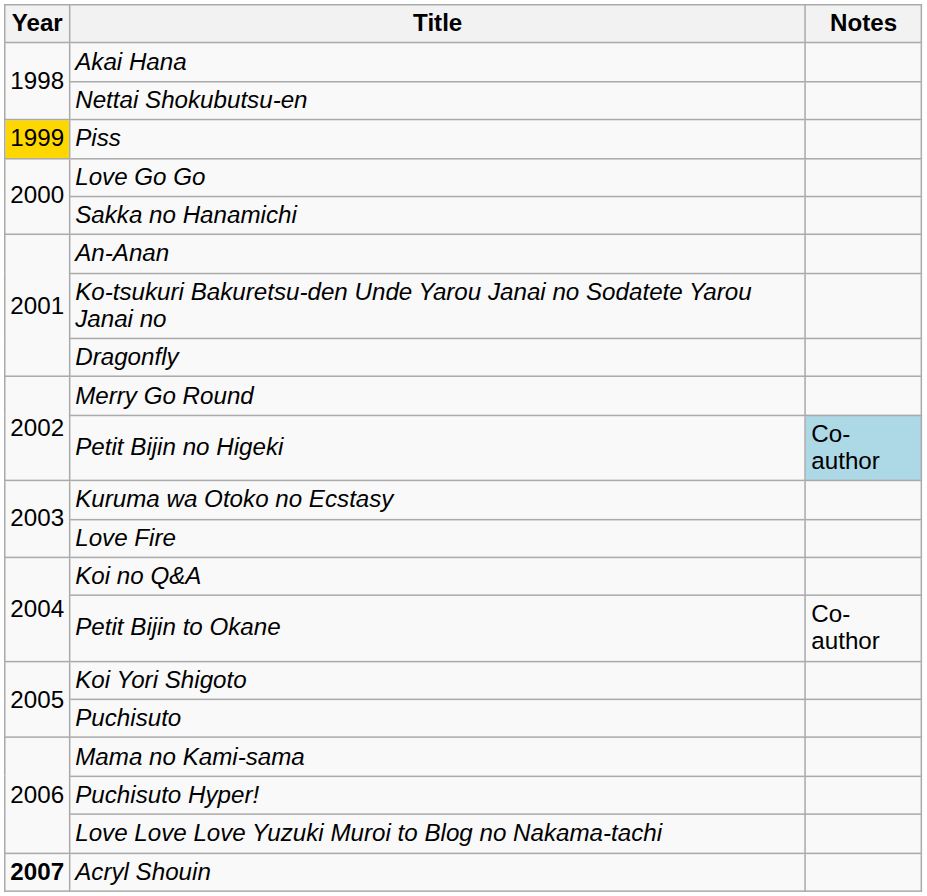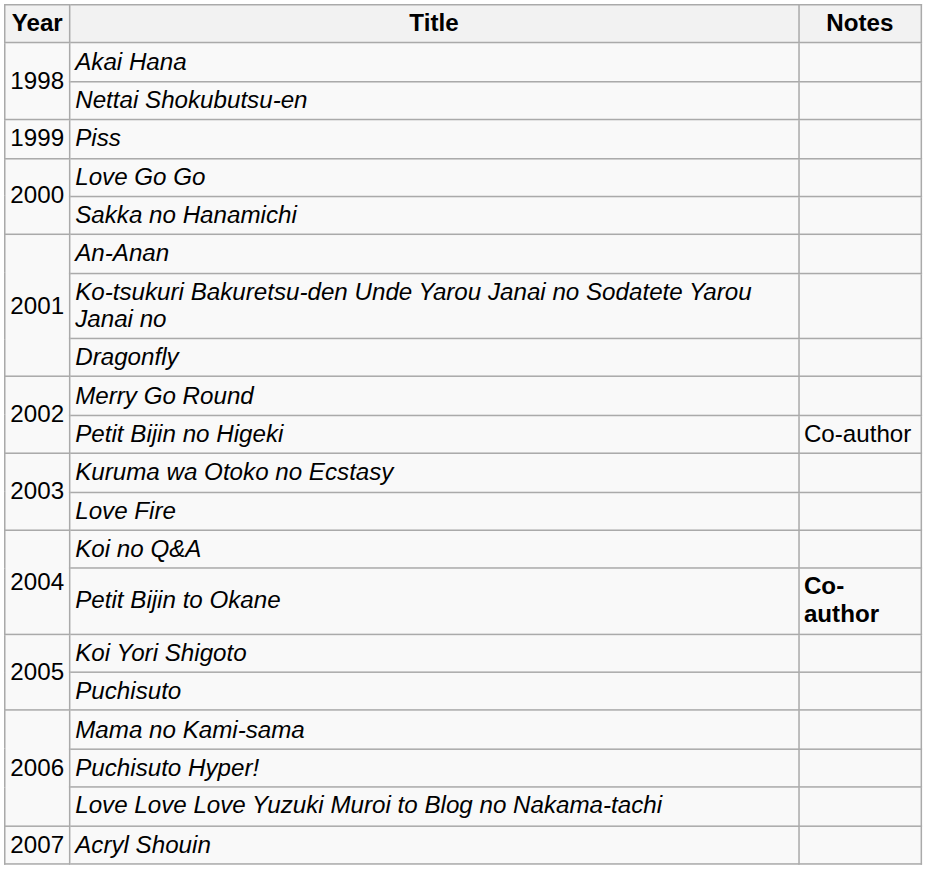 <table class="wikitable">
 <tr>
 <th>Year</th>
 <th>Title</th>
 <th>Notes</th>
 </tr>
 <tr>
 <td rowspan="2">1998</td>
 <td><em>Akai Hana</em></td>
 <td></td>
 </tr>
 <tr>
 <td><em>Nettai Shokubutsu-en</em></td>
 <td></td>
 </tr>
 <tr>
-<td style="background: gold;">1999</td>
+<td>1999</td>
 <td><em>Piss</em></td>
 <td></td>
 </tr>
 <tr>
 <td rowspan="2">2000</td>
 <td><em>Love Go Go</em></td>
 <td></td>
 </tr>
 <tr>
 <td><em>Sakka no Hanamichi</em></td>
 <td></td>
 </tr>
 <tr>
 <td rowspan="3">2001</td>
 <td><em>An-Anan</em></td>
 <td></td>
 </tr>
 <tr>
 <td><em>Ko-tsukuri Bakuretsu-den Unde Yarou Janai no Sodatete Yarou Janai no</em></td>
 <td></td>
 </tr>
 <tr>
 <td><em>Dragonfly</em></td>
 <td></td>
 </tr>
 <tr>
 <td rowspan="2">2002</td>
 <td><em>Merry Go Round</em></td>
 <td></td>
 </tr>
 <tr>
 <td><em>Petit Bijin no Higeki</em></td>
-<td style="background: lightblue;">Co-author</td>
+<td>Co-author</td>
 </tr>
 <tr>
 <td rowspan="2">2003</td>
 <td><em>Kuruma wa Otoko no Ecstasy</em></td>
 <td></td>
 </tr>
 <tr>
 <td><em>Love Fire</em></td>
 <td></td>
 </tr>
 <tr>
 <td rowspan="2">2004</td>
 <td><em>Koi no Q&A</em></td>
 <td></td>
 </tr>
 <tr>
 <td><em>Petit Bijin to Okane</em></td>
-<td>Co-author</td>
+<td><strong>Co-author</strong></td>
 </tr>
 <tr>
 <td rowspan="2">2005</td>
 <td><em>Koi Yori Shigoto</em></td>
 <td></td>
 </tr>
 <tr>
 <td><em>Puchisuto</em></td>
 <td></td>
 </tr>
 <tr>
 <td rowspan="3">2006</td>
 <td><em>Mama no Kami-sama</em></td>
 <td></td>
 </tr>
 <tr>
 <td><em>Puchisuto Hyper!</em></td>
 <td></td>
 </tr>
 <tr>
 <td><em>Love Love Love Yuzuki Muroi to Blog no Nakama-tachi</em></td>
 <td></td>
 </tr>
 <tr>
-<td><strong>2007</strong></td>
+<td>2007</td>
 <td><em>Acryl Shouin</em></td>
 <td></td>
 </tr>
 </table>
